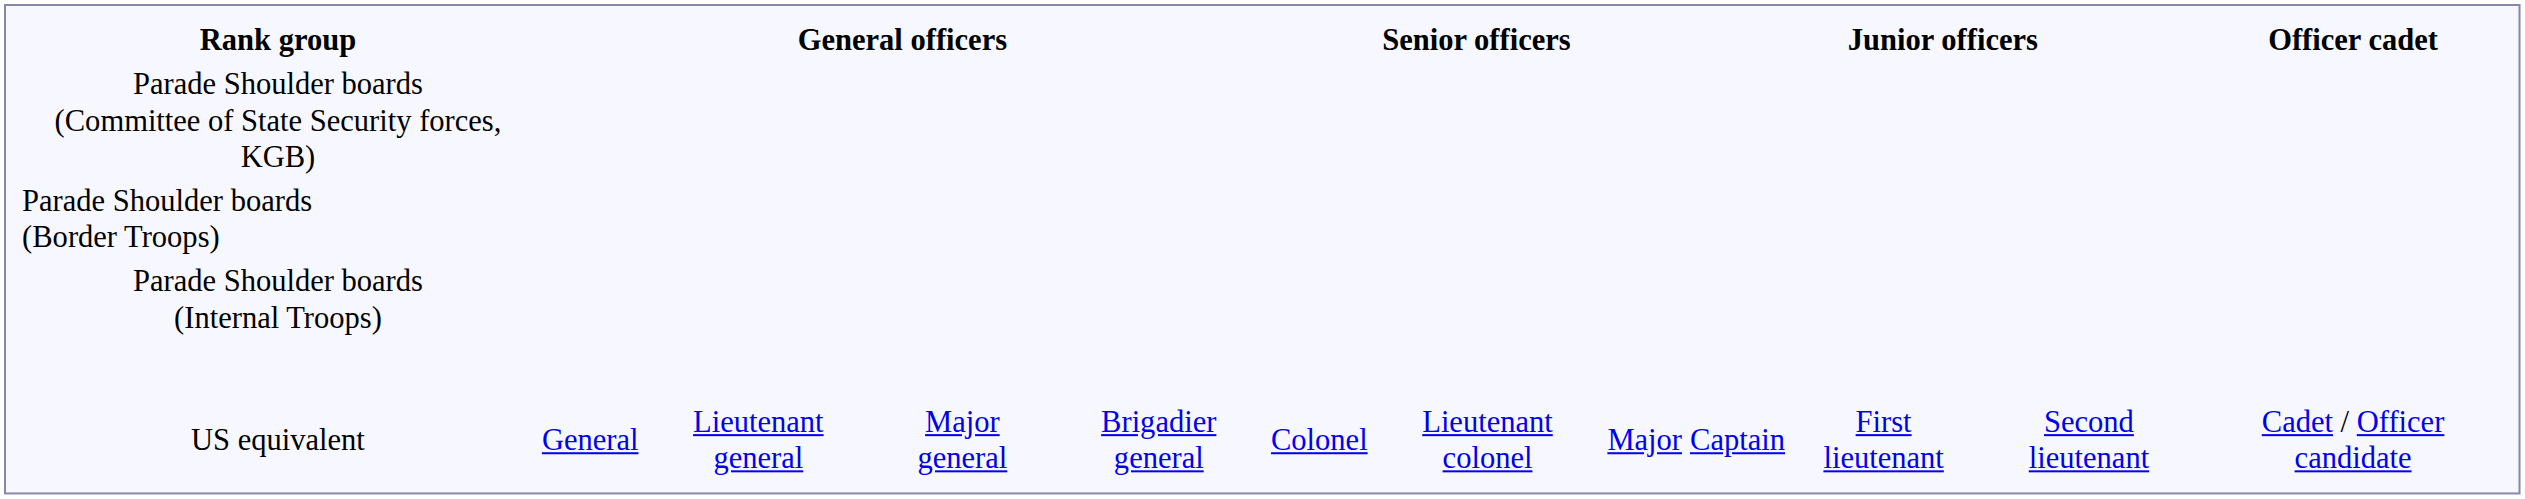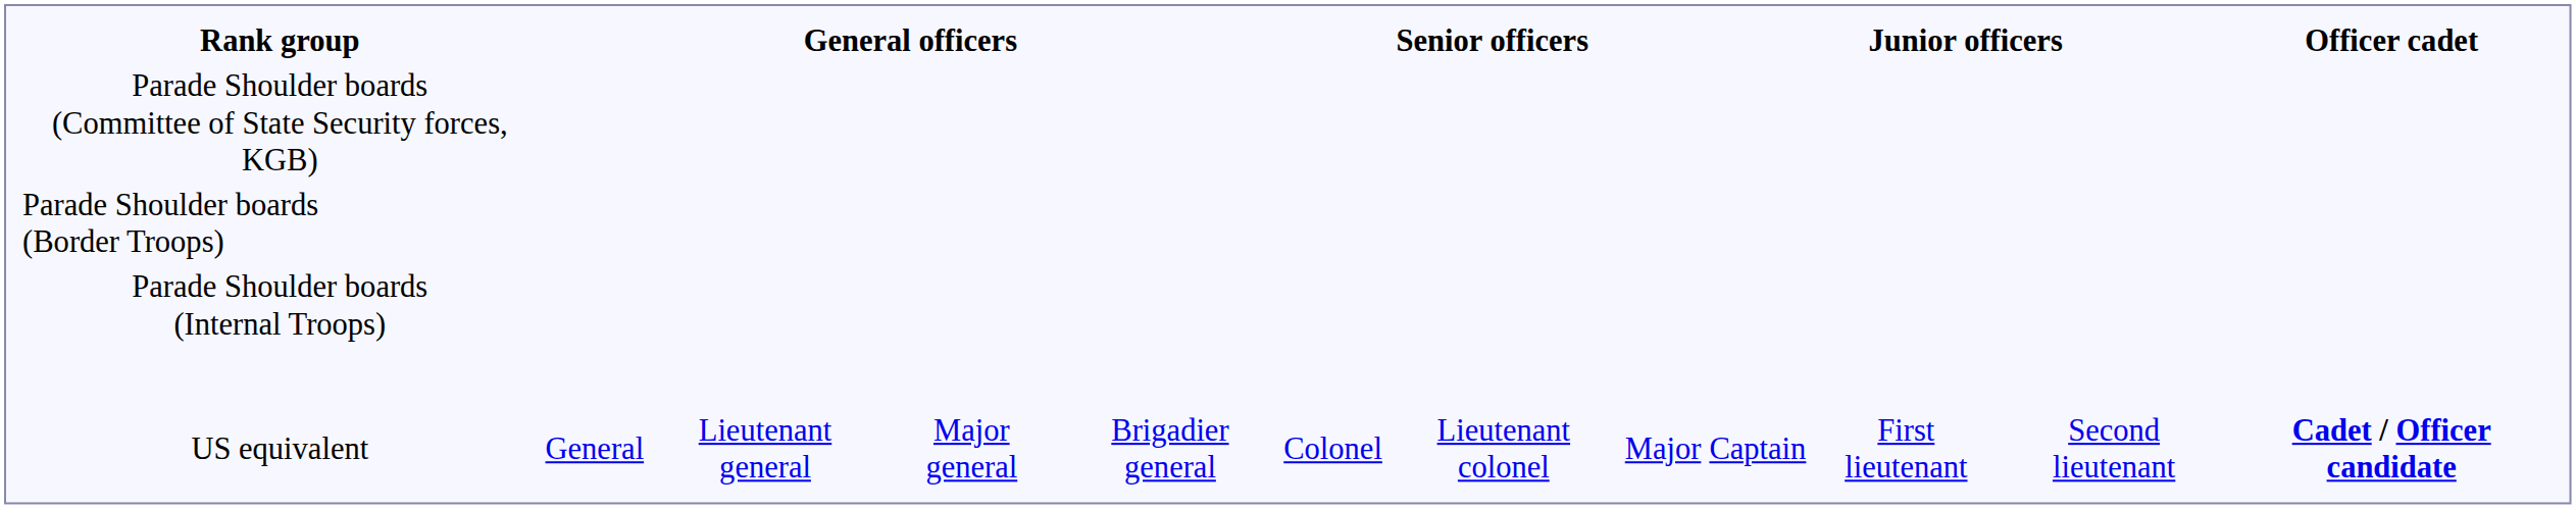 <table style="border:1px solid #8888aa; background-color:#f7f8ff; padding:5px; font-size:95%; margin: 0px 12px 12px 0px;">
 <tr>
 <th>Rank group</th>
 <th colspan="5">General officers</th>
 <th colspan="3">Senior officers</th>
 <th colspan="4">Junior officers</th>
 <th>Officer cadet</th>
 </tr>
 <tr style="text-align:center;">
 <td>Parade Shoulder boards<br>(Committee of State Security forces, KGB)</td>
 <td></td>
 <td></td>
 <td></td>
 <td></td>
 <td></td>
 <td></td>
 <td></td>
 <td></td>
 <td></td>
 <td></td>
 <td></td>
 <td></td>
 </tr>
 <tr>
 <td>Parade Shoulder boards<br>(Border Troops)</td>
 <td></td>
 <td></td>
 <td></td>
 <td></td>
 <td></td>
 <td></td>
 <td></td>
 <td></td>
 <td></td>
 <td></td>
 <td></td>
 <td></td>
 </tr>
 <tr style="text-align:center;">
 <td>Parade Shoulder boards<br>(Internal Troops)</td>
 <td></td>
 <td></td>
 <td></td>
 <td></td>
 <td></td>
 <td></td>
 <td></td>
 <td></td>
 <td></td>
 <td></td>
 <td></td>
 <td></td>
 </tr>
 <tr style="text-align:center;">
 <td></td>
 <td></td>
 <td></td>
 </tr>
 <tr style="text-align:center;">
 <td></td>
 <td colspan="2"><br></td>
 <td><br></td>
 <td><br></td>
 <td><br></td>
 <td><br></td>
 <td><br></td>
 <td><br></td>
 <td><br></td>
 <td><br></td>
 <td><br></td>
 <td><br></td>
 <td><br></td>
 </tr>
 <tr style="text-align:center;">
 <td colspan="14"></td>
 </tr>
 <tr style="text-align:center;">
 <td>US equivalent</td>
 <td colspan="2"><a href='#'>General</a></td>
 <td><a href='#'>Lieutenant general</a></td>
 <td><a href='#'>Major general</a></td>
 <td><a href='#'>Brigadier general</a></td>
 <td><a href='#'>Colonel</a></td>
 <td><a href='#'>Lieutenant colonel</a></td>
 <td><a href='#'>Major</a></td>
 <td><a href='#'>Captain</a></td>
 <td><a href='#'>First lieutenant</a></td>
 <td colspan="2"><a href='#'>Second lieutenant</a></td>
-<td><a href='#'>Cadet</a> / <a href='#'>Officer candidate</a></td>
+<td><strong><a href='#'>Cadet</a> / <a href='#'>Officer candidate</a></strong></td>
 </tr>
 </table>
